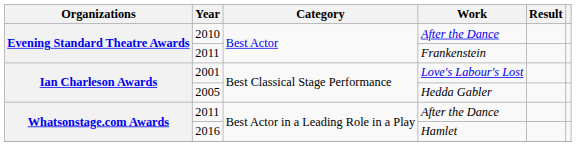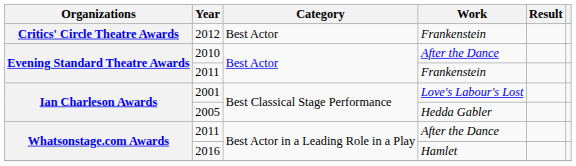 <table class= "wikitable plainrowheaders sortable">
 <tr>
 <th>Organizations</th>
 <th scope="col">Year</th>
 <th scope="col">Category</th>
 <th scope="col">Work</th>
 <th scope="col">Result</th>
 <th scope="col" class="unsortable"></th>
+</tr>
+<tr>
+<th scope="row" rowspan="1"><a href='#'>Critics' Circle Theatre Awards</a></th>
+<td>2012</td>
+<td>Best Actor</td>
+<td><em>Frankenstein</em></td>
+<td></td>
+<td></td>
 </tr>
 <tr>
 <th scope="row" rowspan="2"><a href='#'>Evening Standard Theatre Awards</a></th>
 <td>2010</td>
 <td rowspan="2"><a href='#'>Best Actor</a></td>
 <td><em><a href='#'>After the Dance</a></em></td>
 <td></td>
 <td></td>
 </tr>
 <tr>
 <td>2011</td>
 <td><em>Frankenstein</em></td>
 <td></td>
 <td></td>
 </tr>
 <tr>
 <th scope="row" rowspan="2"><a href='#'>Ian Charleson Awards</a></th>
 <td>2001</td>
 <td rowspan=2>Best Classical Stage Performance</td>
 <td><em><a href='#'>Love's Labour's Lost</a></em></td>
 <td></td>
 <td></td>
 </tr>
 <tr>
 <td>2005</td>
 <td><em>Hedda Gabler</em></td>
 <td></td>
 <td></td>
 </tr>
 <tr>
 <th scope="row" rowspan="2"><a href='#'>Whatsonstage.com Awards</a></th>
 <td>2011</td>
 <td rowspan=2>Best Actor in a Leading Role in a Play</td>
 <td><em>After the Dance</em></td>
 <td></td>
 <td></td>
 </tr>
 <tr>
 <td>2016</td>
 <td><em>Hamlet</em></td>
 <td></td>
 <td></td>
 </tr>
 <tr>
 </tr>
 </table>
